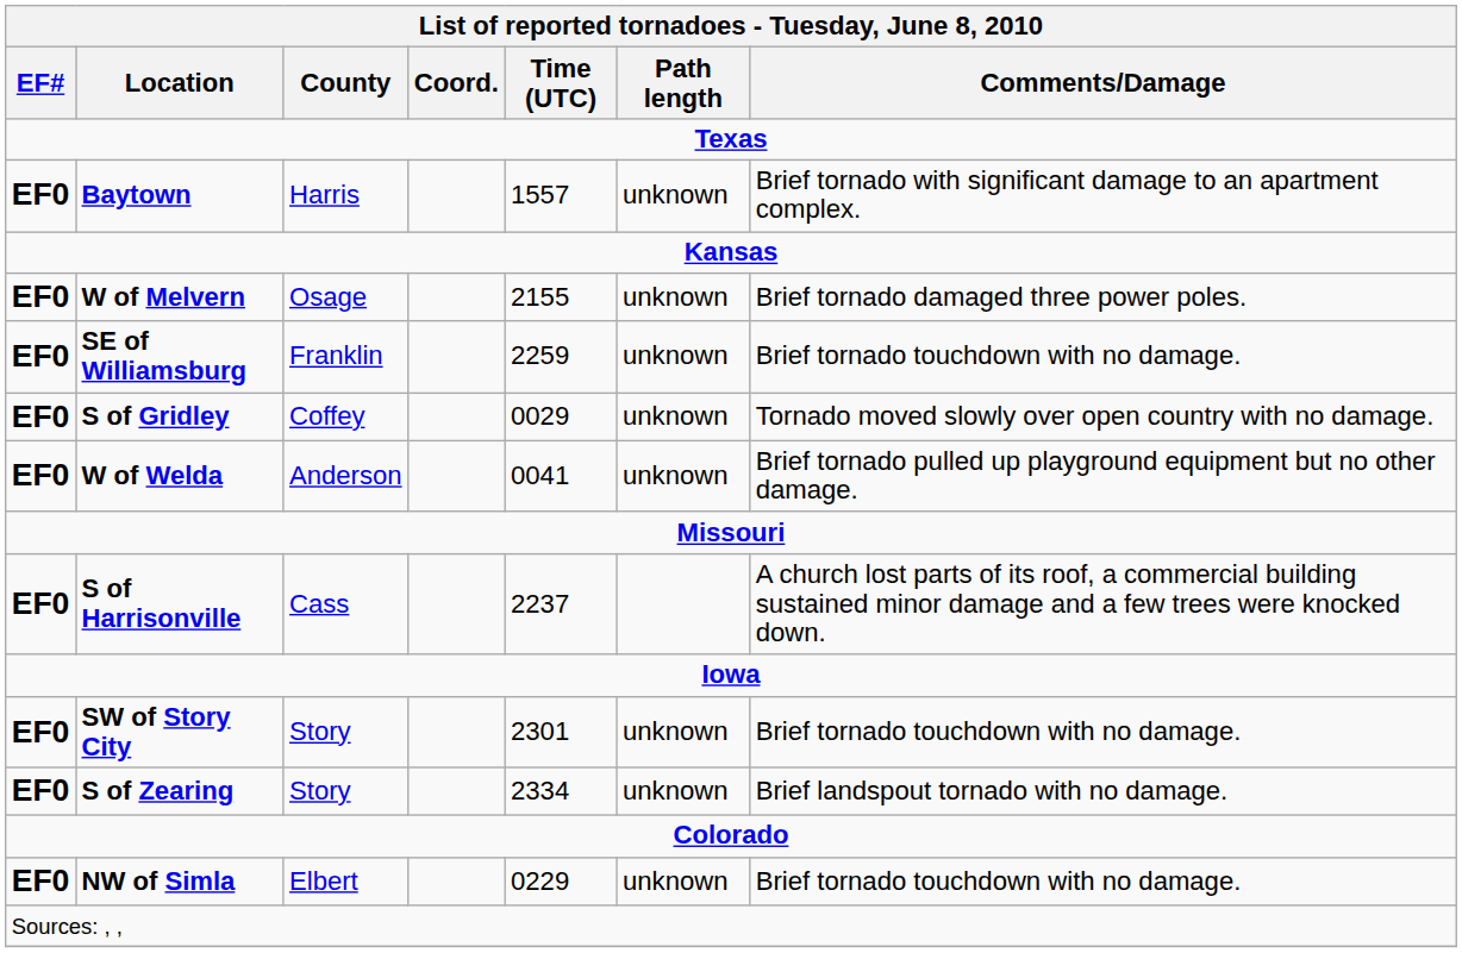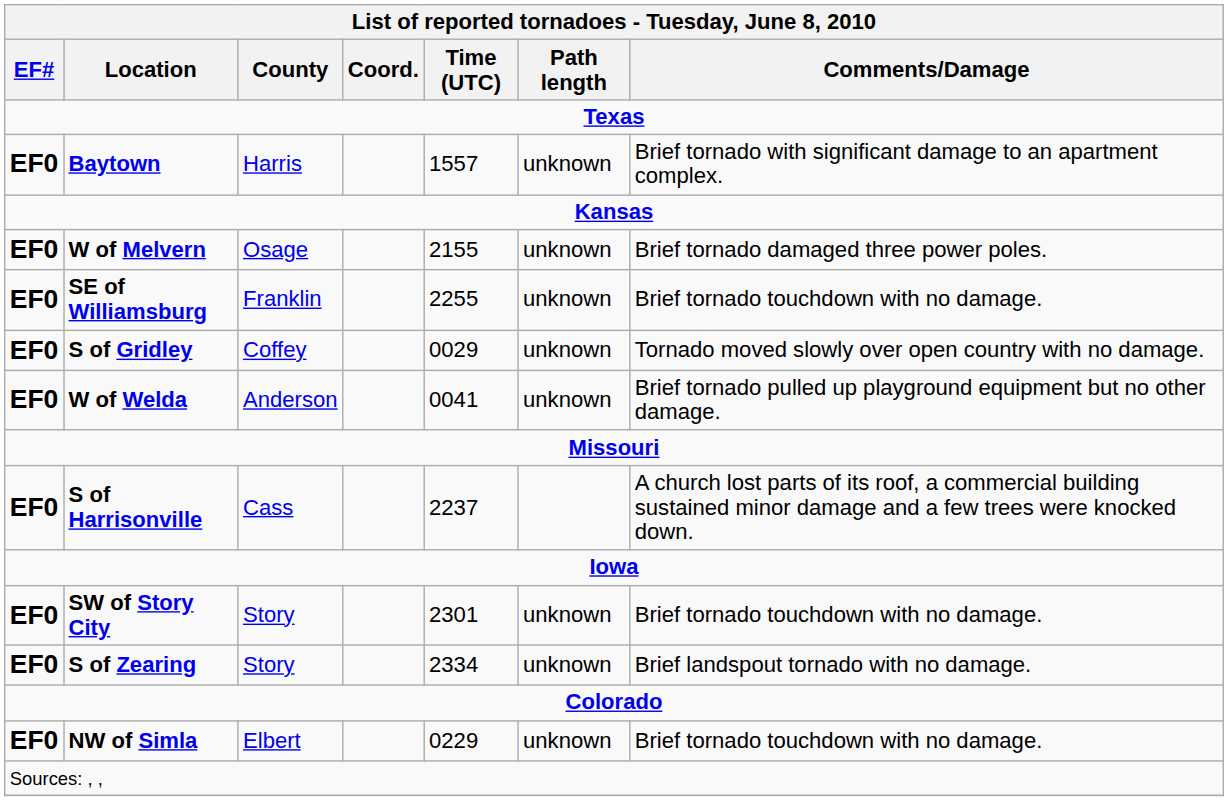 <table class="wikitable collapsible" width="100%">
 <tr>
 <th colspan="7">List of reported tornadoes - Tuesday, June 8, 2010</th>
 </tr>
 <tr>
 <th><a href='#'>EF#</a></th>
 <th>Location</th>
 <th>County</th>
 <th>Coord.</th>
 <th>Time (UTC)</th>
 <th>Path length</th>
 <th>Comments/Damage</th>
 </tr>
 <tr>
 <td colspan="7" align=center><strong><a href='#'>Texas</a></strong></td>
 </tr>
 <tr>
 <td><big><strong>EF0</strong></big></td>
 <td><strong><a href='#'>Baytown</a></strong></td>
 <td><a href='#'>Harris</a></td>
 <td></td>
 <td>1557</td>
 <td>unknown</td>
 <td>Brief tornado with significant damage to an apartment complex.</td>
 </tr>
 <tr>
 <td colspan="7" align=center><strong><a href='#'>Kansas</a></strong></td>
 </tr>
 <tr>
 <td><big><strong>EF0</strong></big></td>
 <td><strong>W of <a href='#'>Melvern</a></strong></td>
 <td><a href='#'>Osage</a></td>
 <td></td>
 <td>2155</td>
 <td>unknown</td>
 <td>Brief tornado damaged three power poles.</td>
 </tr>
 <tr>
 <td><big><strong>EF0</strong></big></td>
 <td><strong>SE of <a href='#'>Williamsburg</a></strong></td>
 <td><a href='#'>Franklin</a></td>
 <td></td>
-<td>2259</td>
+<td>2255</td>
 <td>unknown</td>
 <td>Brief tornado touchdown with no damage.</td>
 </tr>
 <tr>
 <td><big><strong>EF0</strong></big></td>
 <td><strong>S of <a href='#'>Gridley</a></strong></td>
 <td><a href='#'>Coffey</a></td>
 <td></td>
 <td>0029</td>
 <td>unknown</td>
 <td>Tornado moved slowly over open country with no damage.</td>
 </tr>
 <tr>
 <td><big><strong>EF0</strong></big></td>
 <td><strong>W of <a href='#'>Welda</a></strong></td>
 <td><a href='#'>Anderson</a></td>
 <td></td>
 <td>0041</td>
 <td>unknown</td>
 <td>Brief tornado pulled up playground equipment but no other damage.</td>
 </tr>
 <tr>
 <td colspan="7" align=center><strong><a href='#'>Missouri</a></strong></td>
 </tr>
 <tr>
 <td><big><strong>EF0</strong></big></td>
 <td><strong>S of <a href='#'>Harrisonville</a></strong></td>
 <td><a href='#'>Cass</a></td>
 <td></td>
 <td>2237</td>
 <td></td>
 <td>A church lost parts of its roof, a commercial building sustained minor damage and a few trees were knocked down.</td>
 </tr>
 <tr>
 <td colspan="7" align=center><strong><a href='#'>Iowa</a></strong></td>
 </tr>
 <tr>
 <td><big><strong>EF0</strong></big></td>
 <td><strong>SW of <a href='#'>Story City</a></strong></td>
 <td><a href='#'>Story</a></td>
 <td></td>
 <td>2301</td>
 <td>unknown</td>
 <td>Brief tornado touchdown with no damage.</td>
 </tr>
 <tr>
 <td><big><strong>EF0</strong></big></td>
 <td><strong>S of <a href='#'>Zearing</a></strong></td>
 <td><a href='#'>Story</a></td>
 <td></td>
 <td>2334</td>
 <td>unknown</td>
 <td>Brief landspout tornado with no damage.</td>
 </tr>
 <tr>
 <td colspan="7" align=center><strong><a href='#'>Colorado</a></strong></td>
 </tr>
 <tr>
 <td><big><strong>EF0</strong></big></td>
 <td><strong>NW of <a href='#'>Simla</a></strong></td>
 <td><a href='#'>Elbert</a></td>
 <td></td>
 <td>0229</td>
 <td>unknown</td>
 <td>Brief tornado touchdown with no damage.</td>
 </tr>
 <tr>
 <td colspan="7"><small>Sources: , , </small></td>
 </tr>
 <tr>
 </tr>
 </table>
